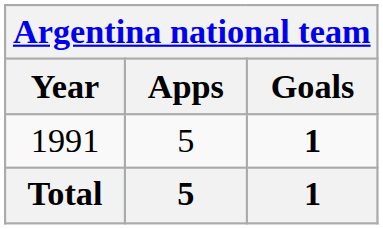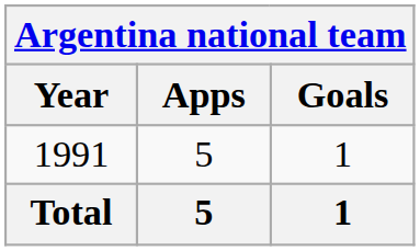 <table class="wikitable" style="text-align:center">
 <tr>
 <th colspan=3><a href='#'>Argentina national team</a></th>
 </tr>
 <tr>
 <th>Year</th>
 <th>Apps</th>
 <th>Goals</th>
 </tr>
 <tr>
 <td>1991</td>
 <td>5</td>
-<td><strong>1</strong></td>
+<td>1</td>
 </tr>
 <tr>
 <th>Total</th>
 <th>5</th>
 <th>1</th>
 </tr>
 </table>
